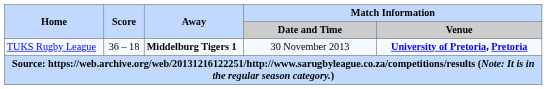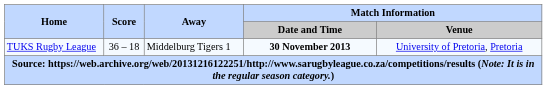 <table border=1 style="border-collapse:collapse; font-size:90%; text-align:center;" cellpadding=3 cellspacing=0 width=60%>
 <tr bgcolor=#C1D8FF>
 <th rowspan=2 width=15%>Home</th>
 <th rowspan=2 width=5%>Score</th>
 <th rowspan=2 width=15%>Away</th>
 <th colspan=6>Match Information</th>
 </tr>
 <tr bgcolor=#CCCCCC>
 <th width=20%>Date and Time</th>
 <th width=25%>Venue</th>
 </tr>
 <tr bgcolor=#F5FAFF>
 <td align=left> <a href='#'>TUKS Rugby League</a></td>
 <td>36 – 18</td>
-<td align=left><strong> Middelburg Tigers 1</strong></td>
-<td>30 November 2013</td>
-<td><strong><a href='#'>University of Pretoria</a>, <a href='#'>Pretoria</a></strong></td>
+<td align=left> Middelburg Tigers 1</td>
+<td><strong>30 November 2013</strong></td>
+<td><a href='#'>University of Pretoria</a>, <a href='#'>Pretoria</a></td>
 </tr>
 <tr bgcolor=#C1D8FF>
 <th colspan=12>Source: https://web.archive.org/web/20131216122251/http://www.sarugbyleague.co.za/competitions/results (<em>Note: It is in the regular season category.</em>)</th>
 </tr>
 </table>
